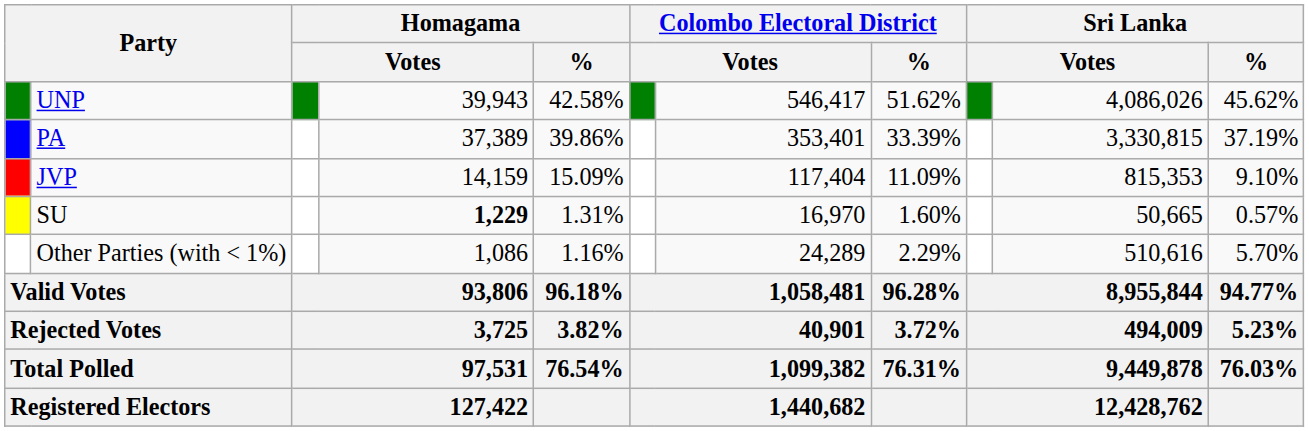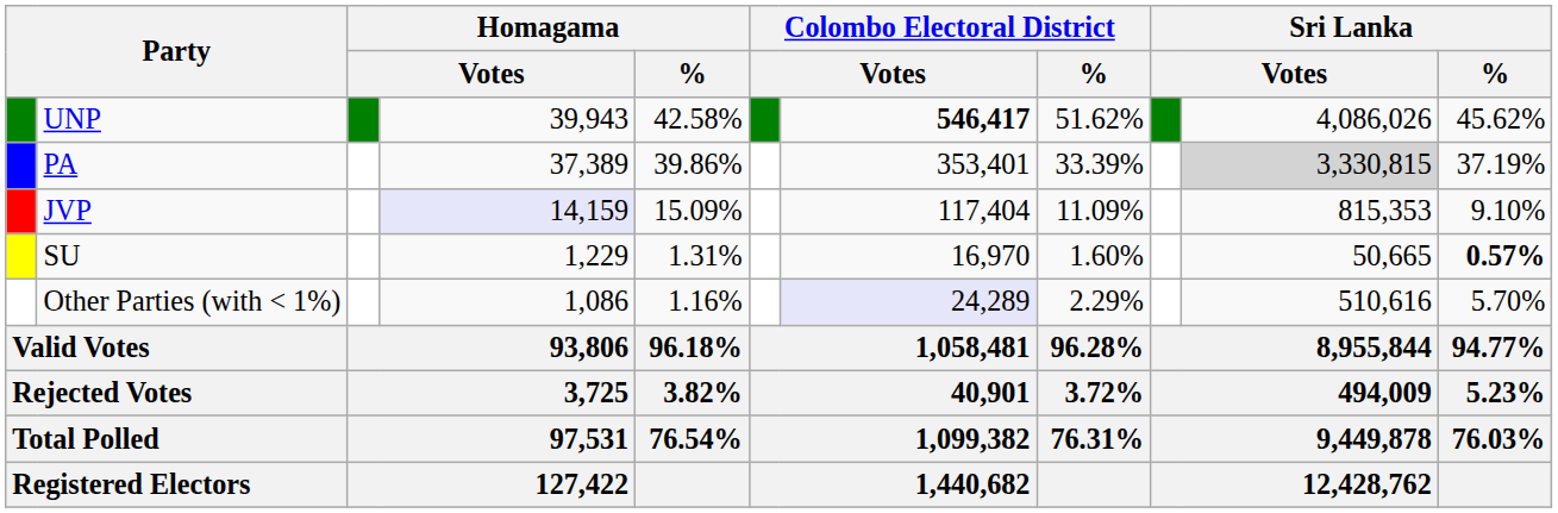 <table class="wikitable">
 <tr>
 <th colspan="2" width="144px"rowspan="2">Party</th>
 <th colspan="3" width="216px">Homagama</th>
 <th colspan="3" width="216px"><a href='#'>Colombo Electoral District</a></th>
 <th colspan="3" width="216px">Sri Lanka</th>
 </tr>
 <tr>
 <th colspan="2" width="144px">Votes</th>
 <th>%</th>
 <th colspan="2" width="144px">Votes</th>
 <th>%</th>
 <th colspan="2" width="144px">Votes</th>
 <th>%</th>
 </tr>
 <tr>
 <td style="background-color:green;" width="10px"></td>
 <td style="text-align:left;"><a href='#'>UNP</a></td>
 <td style="background-color:green;" width="10px"></td>
 <td style="text-align:right;">39,943</td>
 <td style="text-align:right;">42.58%</td>
 <td style="background-color:green;" width="10px"></td>
-<td style="text-align:right;">546,417</td>
+<td style="text-align:right;"><strong>546,417</strong></td>
 <td style="text-align:right;">51.62%</td>
 <td style="background-color:green;" width="10px"></td>
 <td style="text-align:right;">4,086,026</td>
 <td style="text-align:right;">45.62%</td>
 </tr>
 <tr>
 <td style="background-color:blue;" width="10px"></td>
 <td style="text-align:left;"><a href='#'>PA</a></td>
 <td style="background-color:white;" width="10px"></td>
 <td style="text-align:right;">37,389</td>
 <td style="text-align:right;">39.86%</td>
 <td style="background-color:white;" width="10px"></td>
 <td style="text-align:right;">353,401</td>
 <td style="text-align:right;">33.39%</td>
 <td style="background-color:white;" width="10px"></td>
-<td style="text-align:right;">3,330,815</td>
+<td style="background: lightgrey; text-align:right;">3,330,815</td>
 <td style="text-align:right;">37.19%</td>
 </tr>
 <tr>
 <td style="background-color:red;" width="10px"></td>
 <td style="text-align:left;"><a href='#'>JVP</a></td>
 <td style="background-color:white;" width="10px"></td>
-<td style="text-align:right;">14,159</td>
+<td style="background: lavender; text-align:right;">14,159</td>
 <td style="text-align:right;">15.09%</td>
 <td style="background-color:white;" width="10px"></td>
 <td style="text-align:right;">117,404</td>
 <td style="text-align:right;">11.09%</td>
 <td style="background-color:white;" width="10px"></td>
 <td style="text-align:right;">815,353</td>
 <td style="text-align:right;">9.10%</td>
 </tr>
 <tr>
 <td style="background-color:yellow;" width="10px"></td>
 <td style="text-align:left;">SU</td>
 <td style="background-color:white;" width="10px"></td>
-<td style="text-align:right;"><strong>1,229</strong></td>
+<td style="text-align:right;">1,229</td>
 <td style="text-align:right;">1.31%</td>
 <td style="background-color:white;" width="10px"></td>
 <td style="text-align:right;">16,970</td>
 <td style="text-align:right;">1.60%</td>
 <td style="background-color:white;" width="10px"></td>
 <td style="text-align:right;">50,665</td>
-<td style="text-align:right;">0.57%</td>
+<td style="text-align:right;"><strong>0.57%</strong></td>
 </tr>
 <tr>
 <td style="background-color:white;" width="10px"></td>
 <td style="text-align:left;">Other Parties (with < 1%)</td>
 <td style="background-color:white;" width="10px"></td>
 <td style="text-align:right;">1,086</td>
 <td style="text-align:right;">1.16%</td>
 <td style="background-color:white;" width="10px"></td>
-<td style="text-align:right;">24,289</td>
+<td style="background: lavender; text-align:right;">24,289</td>
 <td style="text-align:right;">2.29%</td>
 <td style="background-color:white;" width="10px"></td>
 <td style="text-align:right;">510,616</td>
 <td style="text-align:right;">5.70%</td>
 </tr>
 <tr>
 <th colspan="2" width="144px"style="text-align:left;">Valid Votes</th>
 <th style="text-align:right;"colspan="2" width="144px">93,806</th>
 <th style="text-align:right;">96.18%</th>
 <th style="text-align:right;"colspan="2" width="144px">1,058,481</th>
 <th style="text-align:right;">96.28%</th>
 <th style="text-align:right;"colspan="2" width="144px">8,955,844</th>
 <th style="text-align:right;">94.77%</th>
 </tr>
 <tr>
 <th colspan="2" width="144px"style="text-align:left;">Rejected Votes</th>
 <th style="text-align:right;"colspan="2" width="144px">3,725</th>
 <th style="text-align:right;">3.82%</th>
 <th style="text-align:right;"colspan="2" width="144px">40,901</th>
 <th style="text-align:right;">3.72%</th>
 <th style="text-align:right;"colspan="2" width="144px">494,009</th>
 <th style="text-align:right;">5.23%</th>
 </tr>
 <tr>
 <th colspan="2" width="144px"style="text-align:left;">Total Polled</th>
 <th style="text-align:right;"colspan="2" width="144px">97,531</th>
 <th style="text-align:right;">76.54%</th>
 <th style="text-align:right;"colspan="2" width="144px">1,099,382</th>
 <th style="text-align:right;">76.31%</th>
 <th style="text-align:right;"colspan="2" width="144px">9,449,878</th>
 <th style="text-align:right;">76.03%</th>
 </tr>
 <tr>
 <th colspan="2" width="144px"style="text-align:left;">Registered Electors</th>
 <th style="text-align:right;"colspan="2" width="144px">127,422</th>
 <th></th>
 <th style="text-align:right;"colspan="2" width="144px">1,440,682</th>
 <th></th>
 <th style="text-align:right;"colspan="2" width="144px">12,428,762</th>
 <th></th>
 </tr>
 </table>
